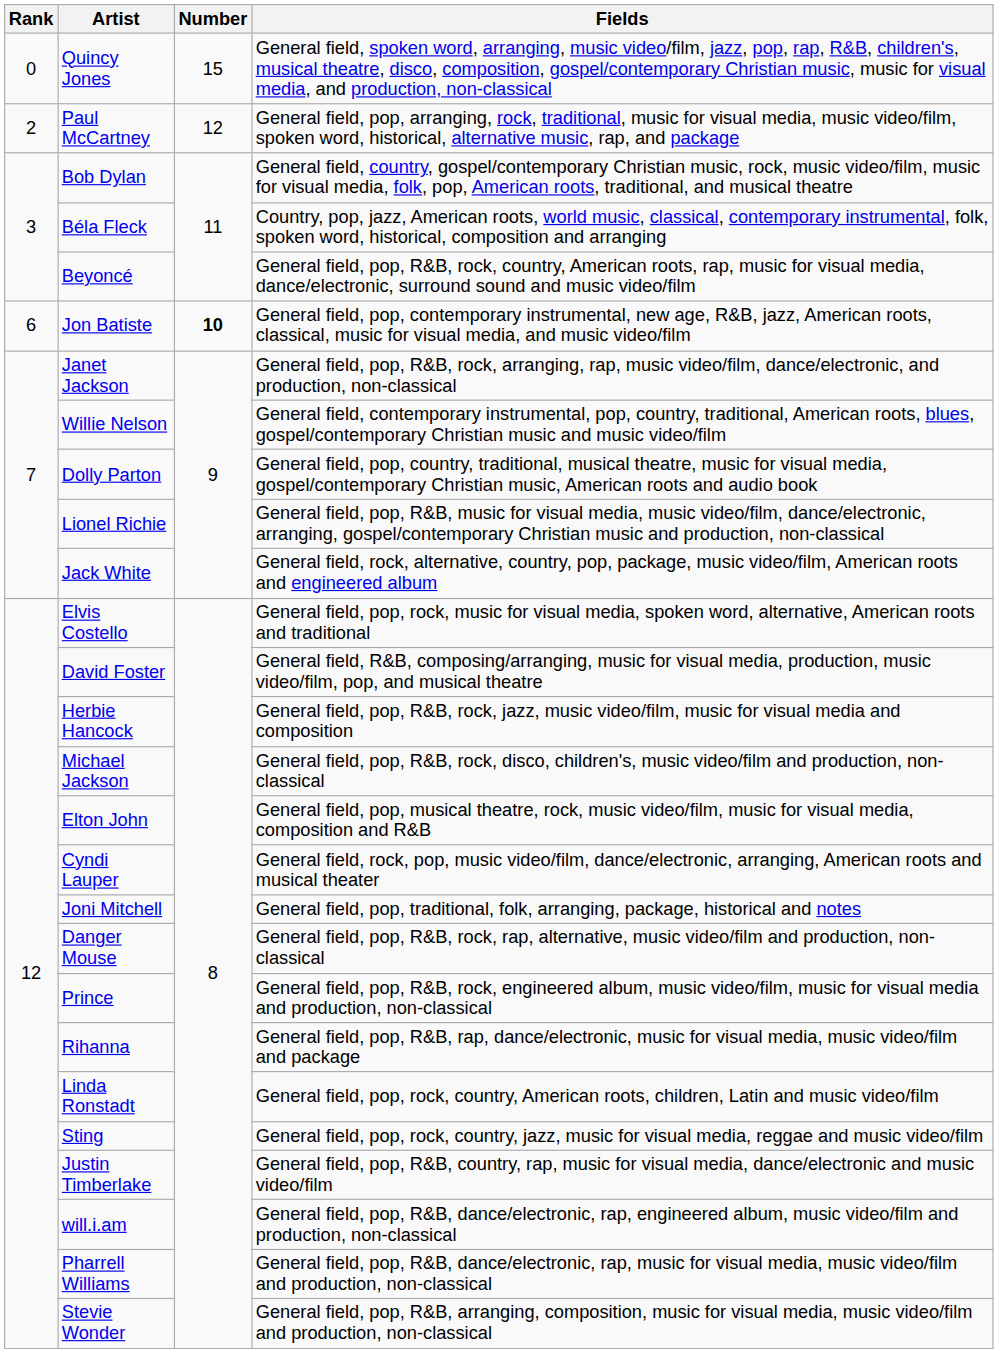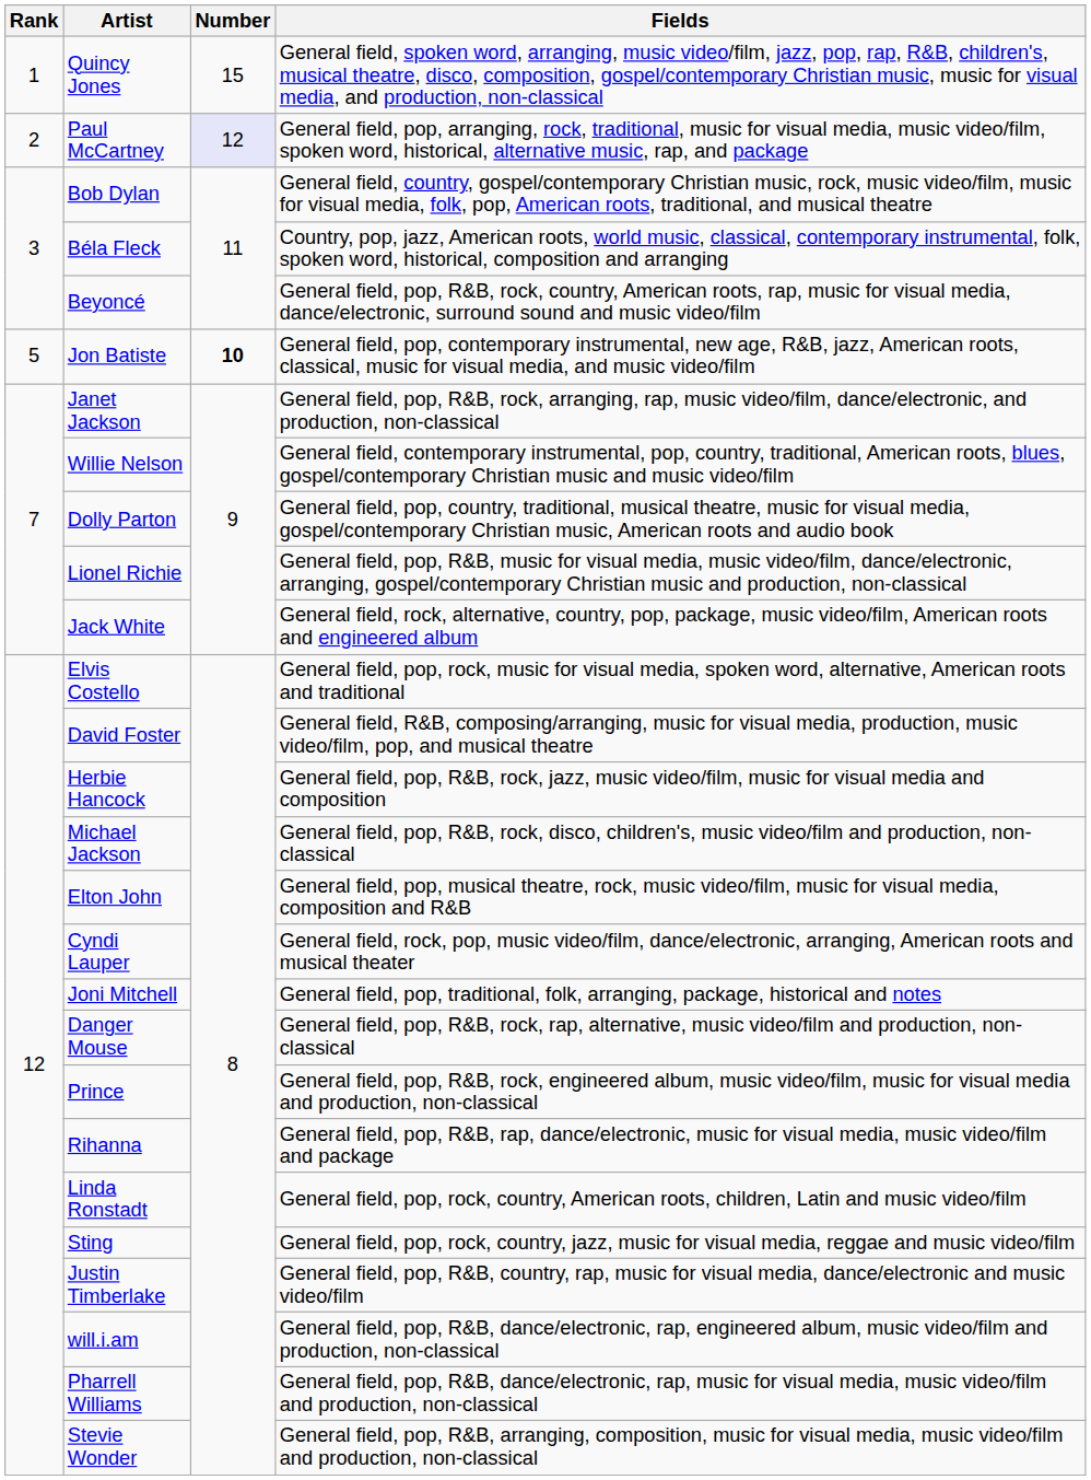 <table class="wikitable" style="text-align: center; cellpadding: 2;">
 <tr>
 <th>Rank</th>
 <th>Artist</th>
 <th>Number</th>
 <th>Fields</th>
 </tr>
 <tr>
-<td>0</td>
+<td>1</td>
 <td align="left"><a href='#'>Quincy Jones</a></td>
 <td>15</td>
 <td align="left">General field, <a href='#'>spoken word</a>, <a href='#'>arranging</a>, <a href='#'>music video</a>/film, <a href='#'>jazz</a>, <a href='#'>pop</a>, <a href='#'>rap</a>, <a href='#'>R&B</a>, <a href='#'>children's</a>, <a href='#'>musical theatre</a>, <a href='#'>disco</a>, <a href='#'>composition</a>, <a href='#'>gospel/contemporary Christian music</a>, music for <a href='#'>visual media</a>, and <a href='#'>production, non-classical</a></td>
 </tr>
 <tr>
 <td>2</td>
 <td align="left"><a href='#'>Paul McCartney</a></td>
-<td>12</td>
+<td style="background: lavender;">12</td>
 <td align="left">General field, pop, arranging, <a href='#'>rock</a>, <a href='#'>traditional</a>, music for visual media, music video/film, spoken word, historical, <a href='#'>alternative music</a>, rap, and <a href='#'>package</a></td>
 </tr>
 <tr>
 <td rowspan="3">3</td>
 <td align="left"><a href='#'>Bob Dylan</a></td>
 <td rowspan="3">11</td>
 <td align="left">General field, <a href='#'>country</a>, gospel/contemporary Christian music, rock, music video/film, music for visual media, <a href='#'>folk</a>, pop, <a href='#'>American roots</a>, traditional, and musical theatre</td>
 </tr>
 <tr>
 <td align="left"><a href='#'>Béla Fleck</a></td>
 <td align="left">Country, pop, jazz, American roots, <a href='#'>world music</a>, <a href='#'>classical</a>, <a href='#'>contemporary instrumental</a>, folk, spoken word, historical, composition and arranging</td>
 </tr>
 <tr>
 <td align="left"><a href='#'>Beyoncé</a></td>
 <td align="left">General field, pop, R&B, rock, country, American roots, rap, music for visual media, dance/electronic, surround sound and music video/film</td>
 </tr>
 <tr>
-<td>6</td>
+<td>5</td>
 <td align="left"><a href='#'>Jon Batiste</a></td>
 <td><strong>10</strong></td>
 <td align="left">General field, pop, contemporary instrumental, new age, R&B, jazz, American roots, classical, music for visual media, and music video/film</td>
 </tr>
 <tr>
 <td rowspan="5">7</td>
 <td align="left"><a href='#'>Janet Jackson</a></td>
 <td rowspan="5">9</td>
 <td align="left">General field, pop, R&B, rock, arranging, rap, music video/film, dance/electronic, and production, non-classical</td>
 </tr>
 <tr>
 <td align="left"><a href='#'>Willie Nelson</a></td>
 <td align="left">General field, contemporary instrumental, pop, country, traditional, American roots, <a href='#'>blues</a>, gospel/contemporary Christian music and music video/film</td>
 </tr>
 <tr>
 <td align="left"><a href='#'>Dolly Parton</a></td>
 <td align="left">General field, pop, country, traditional, musical theatre, music for visual media, gospel/contemporary Christian music, American roots and audio book</td>
 </tr>
 <tr>
 <td align="left"><a href='#'>Lionel Richie</a></td>
 <td align="left">General field, pop, R&B, music for visual media, music video/film, dance/electronic, arranging, gospel/contemporary Christian music and production, non-classical</td>
 </tr>
 <tr>
 <td align="left"><a href='#'>Jack White</a></td>
 <td align="left">General field, rock, alternative, country, pop, package, music video/film, American roots and <a href='#'>engineered album</a></td>
 </tr>
 <tr>
 <td rowspan="16">12</td>
 <td align="left"><a href='#'>Elvis Costello</a></td>
 <td rowspan="16">8</td>
 <td align="left">General field, pop, rock, music for visual media, spoken word, alternative, American roots and traditional</td>
 </tr>
 <tr>
 <td align="left"><a href='#'>David Foster</a></td>
 <td align="left">General field, R&B, composing/arranging, music for visual media, production, music video/film, pop, and musical theatre</td>
 </tr>
 <tr>
 <td align="left"><a href='#'>Herbie Hancock</a></td>
 <td align="left">General field, pop, R&B, rock, jazz, music video/film, music for visual media and composition</td>
 </tr>
 <tr>
 <td align="left"><a href='#'>Michael Jackson</a></td>
 <td align="left">General field, pop, R&B, rock, disco, children's, music video/film and production, non-classical</td>
 </tr>
 <tr>
 <td align="left"><a href='#'>Elton John</a></td>
 <td align="left">General field, pop, musical theatre, rock, music video/film, music for visual media, composition and R&B</td>
 </tr>
 <tr>
 <td align="left"><a href='#'>Cyndi Lauper</a></td>
 <td align="left">General field, rock, pop, music video/film, dance/electronic, arranging, American roots and musical theater</td>
 </tr>
 <tr>
 <td align="left"><a href='#'>Joni Mitchell</a></td>
 <td align="left">General field, pop, traditional, folk, arranging, package, historical and <a href='#'>notes</a></td>
 </tr>
 <tr>
 <td align="left"><a href='#'>Danger Mouse</a></td>
 <td align="left">General field, pop, R&B, rock, rap, alternative, music video/film and production, non-classical</td>
 </tr>
 <tr>
 <td align="left"><a href='#'>Prince</a></td>
 <td align="left">General field, pop, R&B, rock, engineered album, music video/film, music for visual media and production, non-classical</td>
 </tr>
 <tr>
 <td align="left"><a href='#'>Rihanna</a></td>
 <td align="left">General field, pop, R&B, rap, dance/electronic, music for visual media, music video/film and package</td>
 </tr>
 <tr>
 <td align="left"><a href='#'>Linda Ronstadt</a></td>
 <td align="left">General field, pop, rock, country, American roots, children, Latin and music video/film</td>
 </tr>
 <tr>
 <td align="left"><a href='#'>Sting</a></td>
 <td align="left">General field, pop, rock, country, jazz, music for visual media, reggae and music video/film</td>
 </tr>
 <tr>
 <td align="left"><a href='#'>Justin Timberlake</a></td>
 <td align="left">General field, pop, R&B, country, rap, music for visual media, dance/electronic and music video/film</td>
 </tr>
 <tr>
 <td align="left"><a href='#'>will.i.am</a></td>
 <td align="left">General field, pop, R&B, dance/electronic, rap, engineered album, music video/film and production, non-classical</td>
 </tr>
 <tr>
 <td align="left"><a href='#'>Pharrell Williams</a></td>
 <td align="left">General field, pop, R&B, dance/electronic, rap, music for visual media, music video/film and production, non-classical</td>
 </tr>
 <tr>
 <td align="left"><a href='#'>Stevie Wonder</a></td>
 <td align="left">General field, pop, R&B, arranging, composition, music for visual media, music video/film and production, non-classical</td>
 </tr>
 </table>
